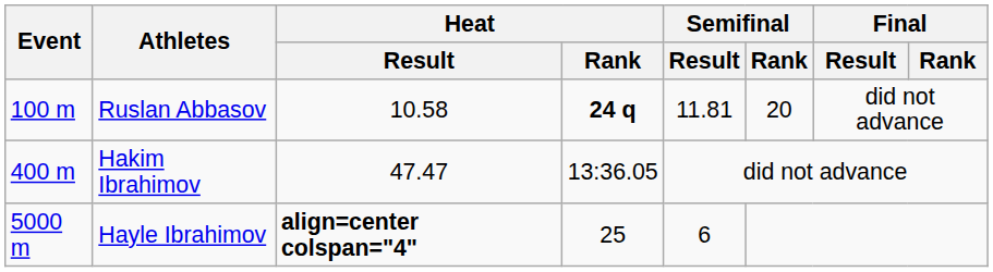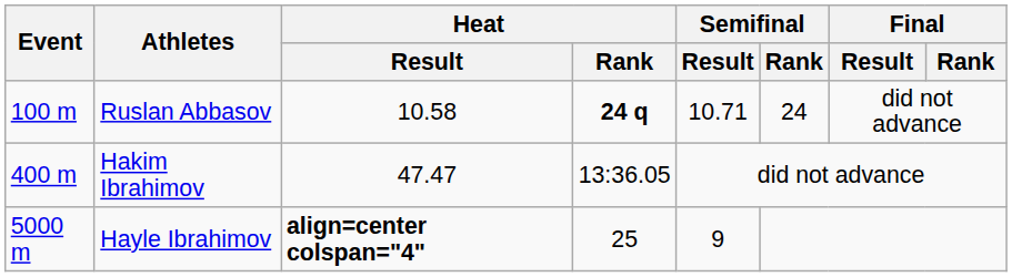 <table class="wikitable" border="1" style="font-size:90%">
 <tr>
 <th rowspan="2">Event</th>
 <th rowspan="2">Athletes</th>
 <th colspan="2">Heat</th>
 <th colspan="2">Semifinal</th>
 <th colspan="2">Final</th>
 </tr>
 <tr>
 <th>Result</th>
 <th>Rank</th>
 <th>Result</th>
 <th>Rank</th>
 <th>Result</th>
 <th>Rank</th>
 </tr>
 <tr>
 <td><a href='#'>100 m</a></td>
 <td><a href='#'>Ruslan Abbasov</a></td>
 <td align=center>10.58</td>
 <td align=center><strong>24 q</strong></td>
-<td align=center>11.81</td>
-<td align=center>20</td>
+<td align=center>10.71</td>
+<td align=center>24</td>
 <td align=center colspan="2">did not advance</td>
 </tr>
 <tr>
 <td><a href='#'>400 m</a></td>
 <td><a href='#'>Hakim Ibrahimov</a></td>
 <td align=center>47.47</td>
 <td align=center>13:36.05</td>
 <td align=center colspan="4">did not advance</td>
 </tr>
 <tr>
 <td><a href='#'>5000 m</a></td>
 <td><a href='#'>Hayle Ibrahimov</a></td>
 <td><strong>align=center colspan="4" </strong></td>
 <td align=center>25</td>
-<td align=center>6</td>
+<td align=center>9</td>
 </tr>
 </table>
